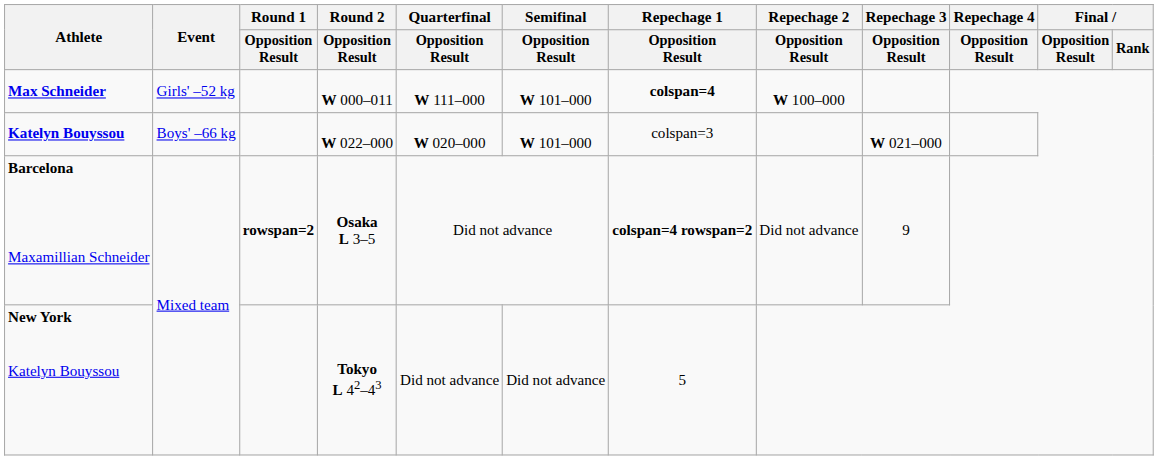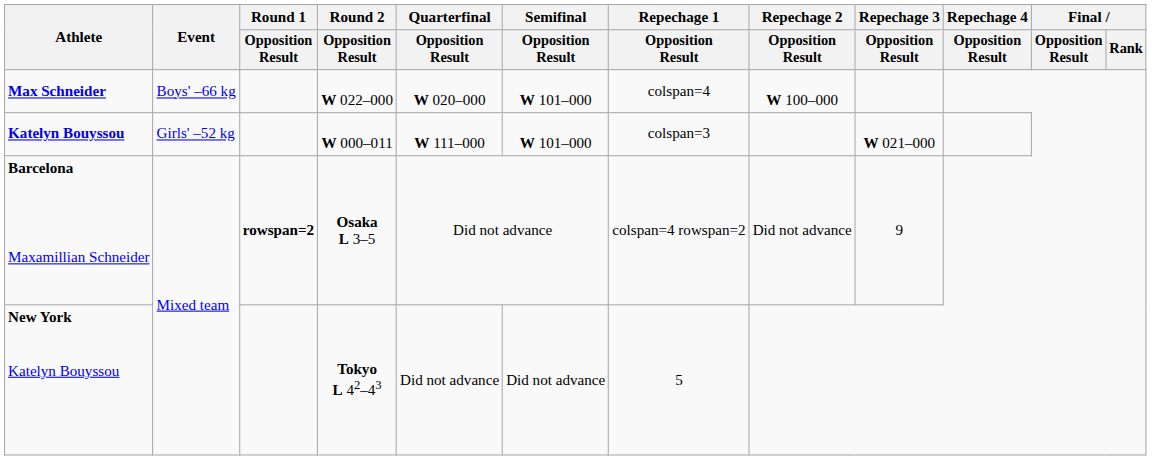 <table class=wikitable style=font-size:90%;text-align:center>
 <tr>
 <th rowspan=2>Athlete</th>
 <th rowspan=2>Event</th>
 <th>Round 1</th>
 <th>Round 2</th>
 <th>Quarterfinal</th>
 <th>Semifinal</th>
 <th>Repechage 1</th>
 <th>Repechage 2</th>
 <th>Repechage 3</th>
 <th>Repechage 4</th>
 <th colspan=2>Final / </th>
 </tr>
 <tr style=font-size:95%>
 <th>Opposition<br>Result</th>
 <th>Opposition<br>Result</th>
 <th>Opposition<br>Result</th>
 <th>Opposition<br>Result</th>
 <th>Opposition<br>Result</th>
 <th>Opposition<br>Result</th>
 <th>Opposition<br>Result</th>
 <th>Opposition<br>Result</th>
 <th>Opposition<br>Result</th>
 <th>Rank</th>
 </tr>
 <tr>
 <td align=left><strong><a href='#'>Max Schneider</a></strong></td>
-<td align=left><a href='#'>Girls' –52 kg</a></td>
+<td align=left><a href='#'>Boys' –66 kg</a></td>
 <td></td>
-<td> <br> <strong>W</strong> 000–011</td>
-<td> <br> <strong>W</strong> 111–000</td>
+<td> <br> <strong>W</strong> 022–000</td>
+<td> <br> <strong>W</strong> 020–000</td>
 <td> <br> <strong>W</strong> 101–000</td>
-<td><strong>colspan=4 </strong></td>
+<td>colspan=4 </td>
 <td> <br> <strong>W</strong> 100–000</td>
 <td></td>
 </tr>
 <tr>
 <td align=left><strong><a href='#'>Katelyn Bouyssou</a></strong></td>
-<td align=left><a href='#'>Boys' –66 kg</a></td>
+<td align=left><a href='#'>Girls' –52 kg</a></td>
 <td></td>
-<td> <br> <strong>W</strong> 022–000</td>
-<td> <br> <strong>W</strong> 020–000</td>
+<td> <br> <strong>W</strong> 000–011</td>
+<td> <br> <strong>W</strong> 111–000</td>
 <td> <br> <strong>W</strong> 101–000</td>
 <td>colspan=3 </td>
 <td></td>
 <td> <br> <strong>W</strong> 021–000</td>
 <td></td>
 </tr>
 <tr>
 <td align=left><strong>Barcelona</strong><br><br><br><br><br><a href='#'>Maxamillian Schneider</a><br><br><br></td>
 <td align=left rowspan=2><a href='#'>Mixed team</a></td>
 <td><strong>rowspan=2 </strong></td>
 <td><strong>Osaka</strong> <br> <strong>L</strong> 3–5</td>
 <td colspan=2>Did not advance</td>
-<td><strong>colspan=4 rowspan=2 </strong></td>
+<td>colspan=4 rowspan=2 </td>
 <td>Did not advance</td>
 <td>9</td>
 </tr>
 <tr>
 <td align=left><strong>New York</strong><br><br><br><a href='#'>Katelyn Bouyssou</a><br><br><br><br><br></td>
 <td></td>
 <td><strong>Tokyo</strong><br> <strong>L</strong> 4<sup>2</sup>–4<sup>3</sup></td>
 <td>Did not advance</td>
 <td>Did not advance</td>
 <td>5</td>
 </tr>
 </table>
